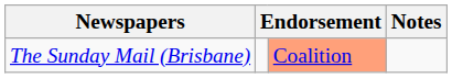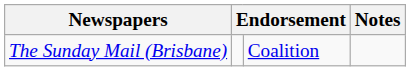 <table class="wikitable">
 <tr>
 <th>Newspapers</th>
 <th colspan="2">Endorsement</th>
 <th>Notes</th>
 </tr>
 <tr>
 <td><em><a href='#'>The Sunday Mail (Brisbane)</a></em></td>
 <td></td>
-<td style="background: lightsalmon;"><a href='#'>Coalition</a></td>
+<td><a href='#'>Coalition</a></td>
 <td></td>
 </tr>
 </table>
